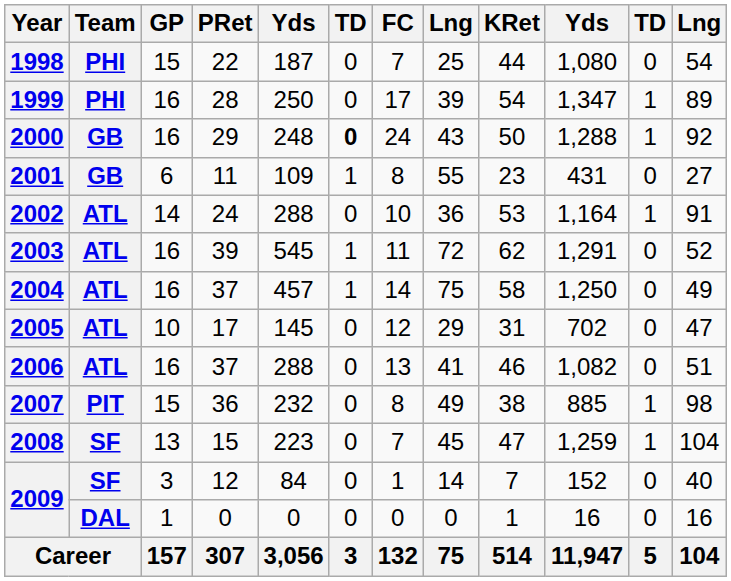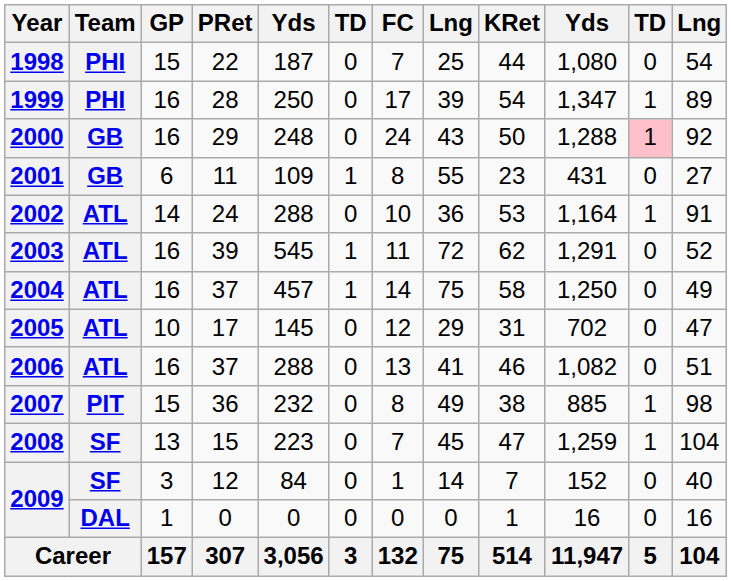 <table class="wikitable" style="text-align: center;">
 <tr>
 <th>Year</th>
 <th>Team</th>
 <th>GP</th>
 <th>PRet</th>
 <th>Yds</th>
 <th>TD</th>
 <th>FC</th>
 <th>Lng</th>
 <th>KRet</th>
 <th>Yds</th>
 <th>TD</th>
 <th>Lng</th>
 </tr>
 <tr>
 <th><a href='#'>1998</a></th>
 <th><a href='#'>PHI</a></th>
 <td>15</td>
 <td>22</td>
 <td>187</td>
 <td>0</td>
 <td>7</td>
 <td>25</td>
 <td>44</td>
 <td>1,080</td>
 <td>0</td>
 <td>54</td>
 </tr>
 <tr>
 <th><a href='#'>1999</a></th>
 <th><a href='#'>PHI</a></th>
 <td>16</td>
 <td>28</td>
 <td>250</td>
 <td>0</td>
 <td>17</td>
 <td>39</td>
 <td>54</td>
 <td>1,347</td>
 <td>1</td>
 <td>89</td>
 </tr>
 <tr>
 <th><a href='#'>2000</a></th>
 <th><a href='#'>GB</a></th>
 <td>16</td>
 <td>29</td>
 <td>248</td>
-<td><strong>0</strong></td>
+<td>0</td>
 <td>24</td>
 <td>43</td>
 <td>50</td>
 <td>1,288</td>
-<td>1</td>
+<td style="background: pink;">1</td>
 <td>92</td>
 </tr>
 <tr>
 <th><a href='#'>2001</a></th>
 <th><a href='#'>GB</a></th>
 <td>6</td>
 <td>11</td>
 <td>109</td>
 <td>1</td>
 <td>8</td>
 <td>55</td>
 <td>23</td>
 <td>431</td>
 <td>0</td>
 <td>27</td>
 </tr>
 <tr>
 <th><a href='#'>2002</a></th>
 <th><a href='#'>ATL</a></th>
 <td>14</td>
 <td>24</td>
 <td>288</td>
 <td>0</td>
 <td>10</td>
 <td>36</td>
 <td>53</td>
 <td>1,164</td>
 <td>1</td>
 <td>91</td>
 </tr>
 <tr>
 <th><a href='#'>2003</a></th>
 <th><a href='#'>ATL</a></th>
 <td>16</td>
 <td>39</td>
 <td>545</td>
 <td>1</td>
 <td>11</td>
 <td>72</td>
 <td>62</td>
 <td>1,291</td>
 <td>0</td>
 <td>52</td>
 </tr>
 <tr>
 <th><a href='#'>2004</a></th>
 <th><a href='#'>ATL</a></th>
 <td>16</td>
 <td>37</td>
 <td>457</td>
 <td>1</td>
 <td>14</td>
 <td>75</td>
 <td>58</td>
 <td>1,250</td>
 <td>0</td>
 <td>49</td>
 </tr>
 <tr>
 <th><a href='#'>2005</a></th>
 <th><a href='#'>ATL</a></th>
 <td>10</td>
 <td>17</td>
 <td>145</td>
 <td>0</td>
 <td>12</td>
 <td>29</td>
 <td>31</td>
 <td>702</td>
 <td>0</td>
 <td>47</td>
 </tr>
 <tr>
 <th><a href='#'>2006</a></th>
 <th><a href='#'>ATL</a></th>
 <td>16</td>
 <td>37</td>
 <td>288</td>
 <td>0</td>
 <td>13</td>
 <td>41</td>
 <td>46</td>
 <td>1,082</td>
 <td>0</td>
 <td>51</td>
 </tr>
 <tr>
 <th><a href='#'>2007</a></th>
 <th><a href='#'>PIT</a></th>
 <td>15</td>
 <td>36</td>
 <td>232</td>
 <td>0</td>
 <td>8</td>
 <td>49</td>
 <td>38</td>
 <td>885</td>
 <td>1</td>
 <td>98</td>
 </tr>
 <tr>
 <th><a href='#'>2008</a></th>
 <th><a href='#'>SF</a></th>
 <td>13</td>
 <td>15</td>
 <td>223</td>
 <td>0</td>
 <td>7</td>
 <td>45</td>
 <td>47</td>
 <td>1,259</td>
 <td>1</td>
 <td>104</td>
 </tr>
 <tr>
 <th rowspan="2"><a href='#'>2009</a></th>
 <th><a href='#'>SF</a></th>
 <td>3</td>
 <td>12</td>
 <td>84</td>
 <td>0</td>
 <td>1</td>
 <td>14</td>
 <td>7</td>
 <td>152</td>
 <td>0</td>
 <td>40</td>
 </tr>
 <tr>
 <th><a href='#'>DAL</a></th>
 <td>1</td>
 <td>0</td>
 <td>0</td>
 <td>0</td>
 <td>0</td>
 <td>0</td>
 <td>1</td>
 <td>16</td>
 <td>0</td>
 <td>16</td>
 </tr>
 <tr>
 <th colspan="2">Career</th>
 <th>157</th>
 <th>307</th>
 <th>3,056</th>
 <th>3</th>
 <th>132</th>
 <th>75</th>
 <th>514</th>
 <th>11,947</th>
 <th>5</th>
 <th>104</th>
 </tr>
 </table>
